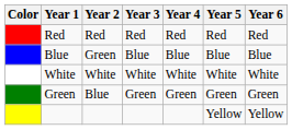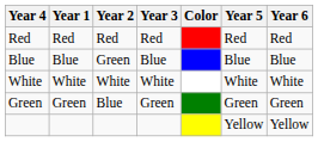 <table class="wikitable">
 <tr>
-<th>Color</th>
+<th>Year 4</th>
 <th>Year 1</th>
 <th>Year 2</th>
 <th>Year 3</th>
-<th>Year 4</th>
+<th>Color</th>
 <th>Year 5</th>
 <th>Year 6</th>
 </tr>
 <tr>
-<td style="background:red"></td>
 <td>Red</td>
 <td>Red</td>
 <td>Red</td>
 <td>Red</td>
+<td style="background:red"></td>
 <td>Red</td>
 <td>Red</td>
 </tr>
 <tr>
-<td style="background:blue"></td>
+<td>Blue</td>
 <td>Blue</td>
 <td>Green</td>
 <td>Blue</td>
-<td>Blue</td>
+<td style="background:blue"></td>
 <td>Blue</td>
 <td>Blue</td>
 </tr>
 <tr>
-<td style="background:white"></td>
 <td>White</td>
 <td>White</td>
 <td>White</td>
 <td>White</td>
+<td style="background:white"></td>
 <td>White</td>
 <td>White</td>
 </tr>
 <tr>
-<td style="background:green"></td>
+<td>Green</td>
 <td>Green</td>
 <td>Blue</td>
 <td>Green</td>
-<td>Green</td>
+<td style="background:green"></td>
 <td>Green</td>
 <td>Green</td>
 </tr>
 <tr>
-<td style="background:yellow"></td>
 <td></td>
 <td></td>
 <td></td>
 <td></td>
+<td style="background:yellow"></td>
 <td>Yellow</td>
 <td>Yellow</td>
 </tr>
 </table>
